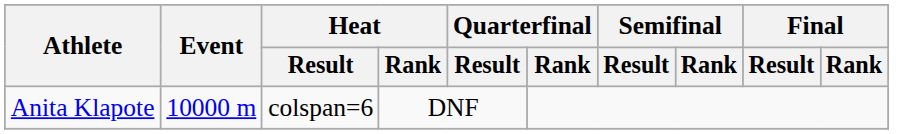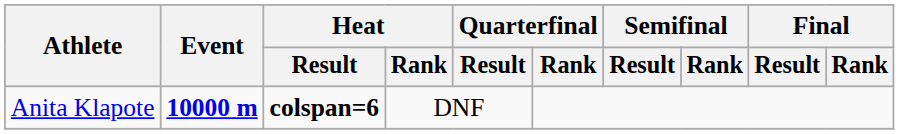 <table class="wikitable" style="font-size:90%">
 <tr>
 <th rowspan="2">Athlete</th>
 <th rowspan="2">Event</th>
 <th colspan="2">Heat</th>
 <th colspan="2">Quarterfinal</th>
 <th colspan="2">Semifinal</th>
 <th colspan="2">Final</th>
 </tr>
 <tr style="font-size:95%">
 <th>Result</th>
 <th>Rank</th>
 <th>Result</th>
 <th>Rank</th>
 <th>Result</th>
 <th>Rank</th>
 <th>Result</th>
 <th>Rank</th>
 </tr>
 <tr align=center>
 <td align=left><a href='#'>Anita Klapote</a></td>
-<td align=left><a href='#'>10000 m</a></td>
-<td>colspan=6 </td>
+<td align=left><strong><a href='#'>10000 m</a></strong></td>
+<td><strong>colspan=6 </strong></td>
 <td colspan=2>DNF</td>
 </tr>
 </table>
